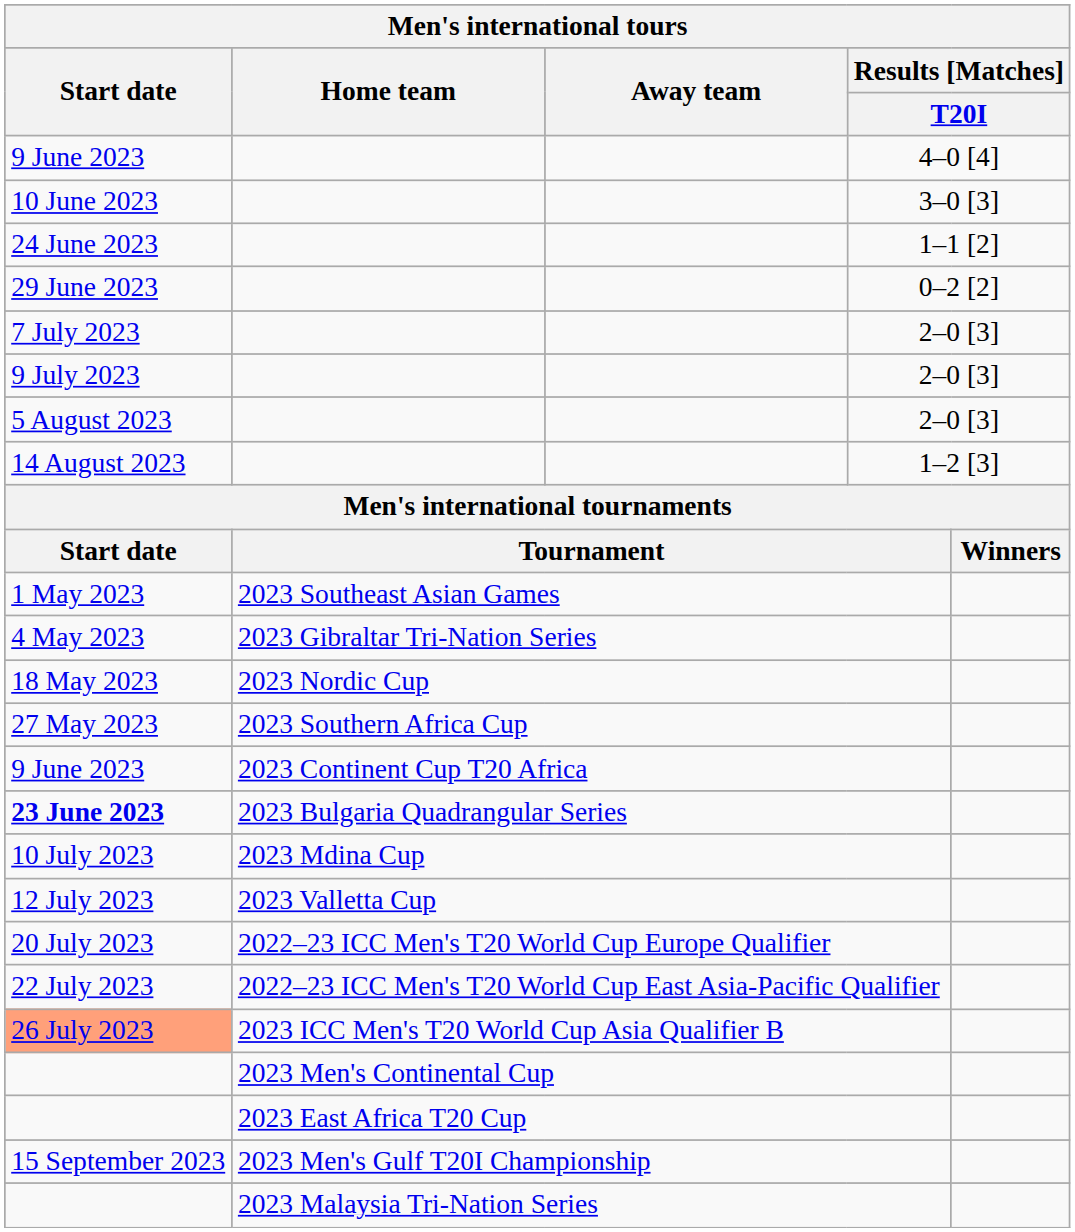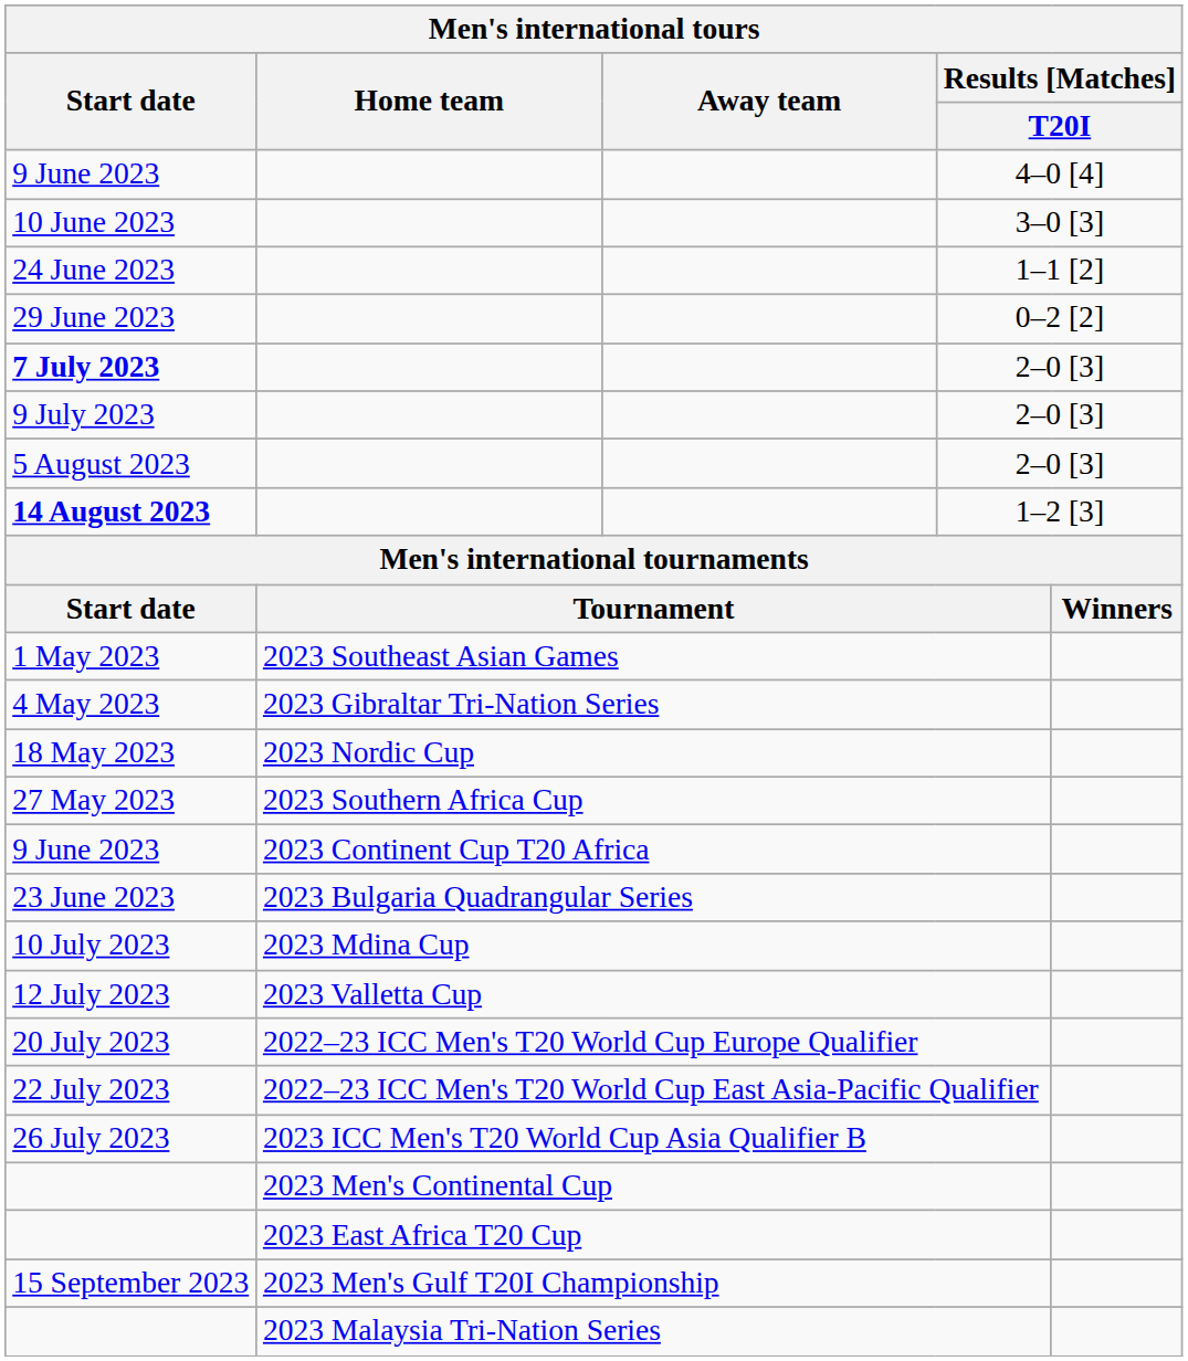 <table class="wikitable" style="text-align:center;">
 <tr>
 <th colspan=7>Men's international tours</th>
 </tr>
 <tr>
 <th rowspan=2>Start date</th>
 <th rowspan=2>Home team</th>
 <th rowspan=2>Away team</th>
 <th colspan=3>Results [Matches]</th>
 </tr>
 <tr>
 <th colspan=3><a href='#'>T20I</a></th>
 </tr>
 <tr>
 <td style="text-align:left"><a href='#'>9 June 2023</a></td>
 <td style="text-align:left"></td>
 <td style="text-align:left"></td>
 <td colspan="2">4–0 [4]</td>
 </tr>
 <tr>
 <td style="text-align:left"><a href='#'>10 June 2023</a></td>
 <td style="text-align:left"></td>
 <td style="text-align:left"></td>
 <td colspan="2">3–0 [3]</td>
 </tr>
 <tr>
 <td style="text-align:left"><a href='#'>24 June 2023</a></td>
 <td style="text-align:left"></td>
 <td style="text-align:left"></td>
 <td colspan="2">1–1 [2]</td>
 </tr>
 <tr>
 <td style="text-align:left"><a href='#'>29 June 2023</a></td>
 <td style="text-align:left"> </td>
 <td style="text-align:left"></td>
 <td colspan=3>0–2 [2]</td>
 </tr>
 <tr>
-<td style="text-align:left"><a href='#'>7 July 2023</a></td>
+<td style="text-align:left"><strong><a href='#'>7 July 2023</a></strong></td>
 <td style="text-align:left"></td>
 <td style="text-align:left"></td>
 <td colspan="2">2–0 [3]</td>
 </tr>
 <tr>
 <td style="text-align:left"><a href='#'>9 July 2023</a></td>
 <td style="text-align:left"></td>
 <td style="text-align:left"></td>
 <td colspan="2">2–0 [3]</td>
 </tr>
 <tr>
 <td style="text-align:left"><a href='#'>5 August 2023</a></td>
 <td style="text-align:left"></td>
 <td style="text-align:left"></td>
 <td colspan=3>2–0 [3]</td>
 </tr>
 <tr>
-<td style="text-align:left"><a href='#'>14 August 2023</a></td>
+<td style="text-align:left"><strong><a href='#'>14 August 2023</a></strong></td>
 <td style="text-align:left"> </td>
 <td style="text-align:left"></td>
 <td colspan=3>1–2 [3]</td>
 </tr>
 <tr>
 <th colspan=6>Men's international tournaments</th>
 </tr>
 <tr>
 <th>Start date</th>
 <th colspan=3>Tournament</th>
 <th colspan=2>Winners</th>
 </tr>
 <tr>
 <td style="text-align:left"><a href='#'>1 May 2023</a></td>
 <td style="text-align:left" colspan=3> <a href='#'>2023 Southeast Asian Games</a></td>
 <td style="text-align:left" colspan=3></td>
 </tr>
 <tr>
 <td style="text-align:left"><a href='#'>4 May 2023</a></td>
 <td style="text-align:left" colspan=3> <a href='#'>2023 Gibraltar Tri-Nation Series</a></td>
 <td style="text-align:left" colspan=3></td>
 </tr>
 <tr>
 <td style="text-align:left"><a href='#'>18 May 2023</a></td>
 <td style="text-align:left" colspan=3> <a href='#'>2023 Nordic Cup</a></td>
 <td style="text-align:left" colspan=3></td>
 </tr>
 <tr>
 <td style="text-align:left"><a href='#'>27 May 2023</a></td>
 <td style="text-align:left" colspan=3> <a href='#'>2023 Southern Africa Cup</a></td>
 <td style="text-align:left" colspan=3></td>
 </tr>
 <tr>
 <td style="text-align:left"><a href='#'>9 June 2023</a></td>
 <td style="text-align:left" colspan=3> <a href='#'>2023 Continent Cup T20 Africa</a></td>
 <td style="text-align:left" colspan=3></td>
 </tr>
 <tr>
-<td style="text-align:left"><strong><a href='#'>23 June 2023</a></strong></td>
+<td style="text-align:left"><a href='#'>23 June 2023</a></td>
 <td style="text-align:left" colspan=3> <a href='#'>2023 Bulgaria Quadrangular Series</a></td>
 <td style="text-align:left" colspan=3></td>
 </tr>
 <tr>
 <td style="text-align:left"><a href='#'>10 July 2023</a></td>
 <td style="text-align:left" colspan=3> <a href='#'>2023 Mdina Cup</a></td>
 <td style="text-align:left" colspan=3></td>
 </tr>
 <tr>
 <td style="text-align:left"><a href='#'>12 July 2023</a></td>
 <td style="text-align:left" colspan=3> <a href='#'>2023 Valletta Cup</a></td>
 <td style="text-align:left" colspan=3></td>
 </tr>
 <tr>
 <td style="text-align:left"><a href='#'>20 July 2023</a></td>
 <td style="text-align:left" colspan=3> <a href='#'>2022–23 ICC Men's T20 World Cup Europe Qualifier</a></td>
 <td style="text-align:left" colspan=3></td>
 </tr>
 <tr>
 <td style="text-align:left"><a href='#'>22 July 2023</a></td>
 <td style="text-align:left" colspan=3> <a href='#'>2022–23 ICC Men's T20 World Cup East Asia-Pacific Qualifier</a></td>
 <td style="text-align:left" colspan=3></td>
 </tr>
 <tr>
-<td style="background: lightsalmon; text-align:left"><a href='#'>26 July 2023</a></td>
+<td style="text-align:left"><a href='#'>26 July 2023</a></td>
 <td style="text-align:left" colspan=3> <a href='#'>2023 ICC Men's T20 World Cup Asia Qualifier B</a></td>
 <td style="text-align:left" colspan=3></td>
 </tr>
 <tr>
 <td style="text-align:left"><a href='#'></a></td>
 <td style="text-align:left" colspan=3> <a href='#'>2023 Men's Continental Cup</a></td>
 <td style="text-align:left" colspan=2></td>
 </tr>
 <tr>
 <td style="text-align:left"><a href='#'></a></td>
 <td style="text-align:left" colspan=3> <a href='#'>2023 East Africa T20 Cup</a></td>
 <td style="text-align:left" colspan=2></td>
 </tr>
 <tr>
 <td style="text-align:left"><a href='#'>15 September 2023</a></td>
 <td style="text-align:left" colspan=3> <a href='#'>2023 Men's Gulf T20I Championship</a></td>
 <td style="text-align:left" colspan=3></td>
 </tr>
 <tr>
 <td style="text-align:left"><a href='#'></a></td>
 <td style="text-align:left" colspan=3> <a href='#'>2023 Malaysia Tri-Nation Series</a></td>
 <td style="text-align:left" colspan=2></td>
 </tr>
 </table>
